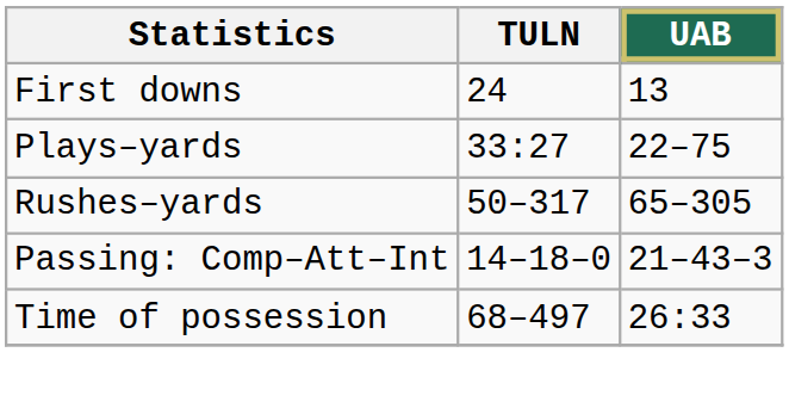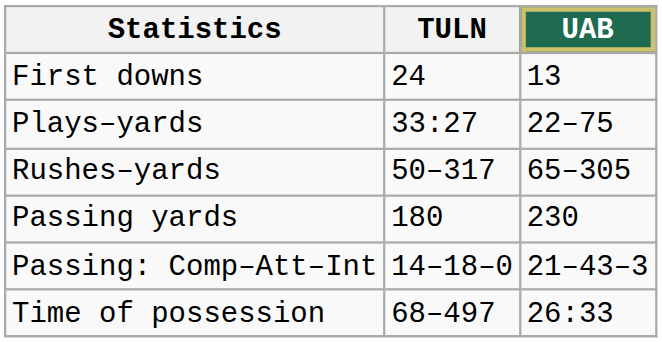 <table class="wikitable" style="float: left;">
 <tr>
 <th>Statistics</th>
 <th>TULN</th>
 <th style="background-color:#1E6B52;color:#FFFFFF;box-shadow: inset 2px 2px 0 #CDC26C, inset -2px -2px 0 #CDC26C">UAB</th>
 </tr>
 <tr>
 <td>First downs</td>
 <td>24</td>
 <td>13</td>
 </tr>
 <tr>
 <td>Plays–yards</td>
 <td>33:27</td>
 <td>22–75</td>
 </tr>
 <tr>
 <td>Rushes–yards</td>
 <td>50–317</td>
 <td>65–305</td>
 </tr>
 <tr>
+<td>Passing yards</td>
+<td>180</td>
+<td>230</td>
+</tr>
+<tr>
 <td>Passing: Comp–Att–Int</td>
 <td>14–18–0</td>
 <td>21–43–3</td>
 </tr>
 <tr>
 <td>Time of possession</td>
 <td>68–497</td>
 <td>26:33</td>
 </tr>
 <tr>
 </tr>
 </table>
